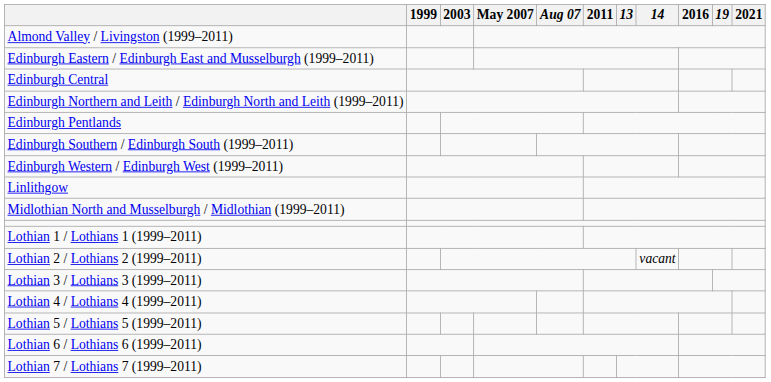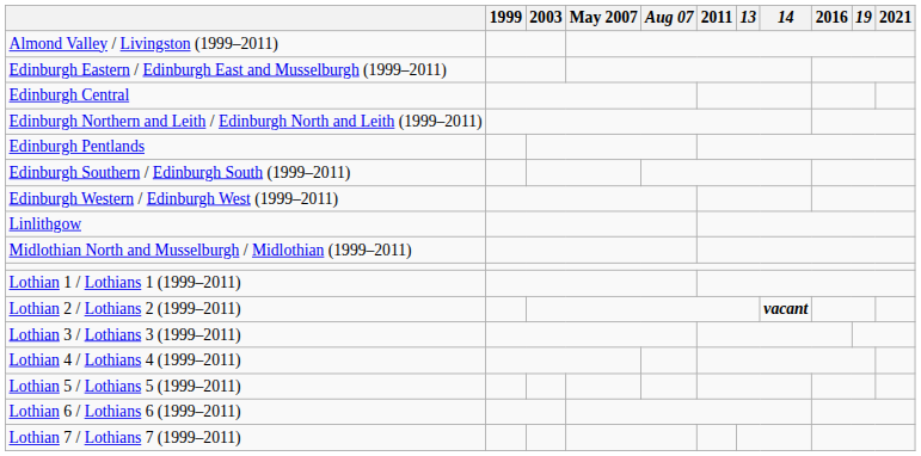 <table class="wikitable">
 <tr>
 <th></th>
 <th>1999</th>
 <th>2003</th>
 <th>May 2007</th>
 <th><em>Aug 07</em></th>
 <th>2011</th>
 <th><em>13</em></th>
 <th><em>14</em></th>
 <th>2016</th>
 <th><em>19</em></th>
 <th>2021</th>
 </tr>
 <tr>
 <td><a href='#'>Almond Valley</a> / <a href='#'>Livingston</a> (1999–2011)</td>
 <td colspan="2"><a href='#'></a></td>
 <td colspan="8"><a href='#'></a></td>
 </tr>
 <tr>
 <td><a href='#'>Edinburgh Eastern</a> / <a href='#'>Edinburgh East and Musselburgh</a> (1999–2011)</td>
 <td colspan="2"><a href='#'></a></td>
 <td colspan="5"><a href='#'></a></td>
 <td colspan="3"><a href='#'></a></td>
 </tr>
 <tr>
 <td><a href='#'>Edinburgh Central</a></td>
 <td colspan="4"><a href='#'></a></td>
 <td colspan="3"><a href='#'></a></td>
 <td colspan="2"><a href='#'></a></td>
 <td><a href='#'></a></td>
 </tr>
 <tr>
 <td><a href='#'>Edinburgh Northern and Leith</a> / <a href='#'>Edinburgh North and Leith</a> (1999–2011)</td>
 <td colspan="7"><a href='#'></a></td>
 <td colspan="3"><a href='#'></a></td>
 </tr>
 <tr>
 <td><a href='#'>Edinburgh Pentlands</a></td>
 <td><a href='#'></a></td>
 <td colspan="3"><a href='#'></a></td>
 <td colspan="6"><a href='#'></a></td>
 </tr>
 <tr>
 <td><a href='#'>Edinburgh Southern</a> / <a href='#'>Edinburgh South</a> (1999–2011)</td>
 <td><a href='#'></a></td>
 <td colspan="2"><a href='#'></a></td>
 <td colspan="4"><a href='#'></a></td>
 <td colspan="3"><a href='#'></a></td>
 </tr>
 <tr>
 <td><a href='#'>Edinburgh Western</a> / <a href='#'>Edinburgh West</a> (1999–2011)</td>
 <td colspan="4"><a href='#'></a></td>
 <td colspan="3"><a href='#'></a></td>
 <td colspan="3"><a href='#'></a></td>
 </tr>
 <tr>
 <td><a href='#'>Linlithgow</a></td>
 <td colspan="4"><a href='#'></a></td>
 <td colspan="6"><a href='#'></a></td>
 </tr>
 <tr>
 <td><a href='#'>Midlothian North and Musselburgh</a> / <a href='#'>Midlothian</a> (1999–2011)</td>
 <td colspan="4"><a href='#'></a></td>
 <td colspan="6"><a href='#'></a></td>
 </tr>
 <tr>
 <td></td>
 <td colspan="10"></td>
 </tr>
 <tr>
 <td><a href='#'>Lothian</a> 1 / <a href='#'>Lothians</a> 1 (1999–2011)</td>
 <td colspan="4"><a href='#'></a></td>
 <td colspan="6"><a href='#'></a></td>
 </tr>
 <tr>
 <td><a href='#'>Lothian</a> 2 / <a href='#'>Lothians</a> 2 (1999–2011)</td>
 <td><a href='#'></a></td>
 <td colspan="5"><a href='#'></a></td>
-<td><em>vacant</em></td>
+<td><strong><em>vacant</em></strong></td>
 <td colspan="2"><a href='#'></a></td>
 <td><a href='#'></a></td>
 </tr>
 <tr>
 <td><a href='#'>Lothian</a> 3 / <a href='#'>Lothians</a> 3 (1999–2011)</td>
 <td colspan="4"><a href='#'></a></td>
 <td colspan="4"><a href='#'></a></td>
 <td colspan="2"><a href='#'></a></td>
 </tr>
 <tr>
 <td><a href='#'>Lothian</a> 4 / <a href='#'>Lothians</a> 4 (1999–2011)</td>
 <td colspan="3"><a href='#'></a></td>
 <td><a href='#'></a></td>
 <td colspan="5"><a href='#'></a></td>
 <td><a href='#'></a></td>
 </tr>
 <tr>
 <td><a href='#'>Lothian</a> 5 / <a href='#'>Lothians</a> 5 (1999–2011)</td>
 <td><a href='#'></a></td>
 <td><a href='#'></a></td>
 <td><a href='#'></a></td>
 <td><a href='#'></a></td>
 <td colspan="3"><a href='#'></a></td>
 <td colspan="2"><a href='#'></a></td>
 <td><a href='#'></a></td>
 </tr>
 <tr>
 <td><a href='#'>Lothian</a> 6 / <a href='#'>Lothians</a> 6 (1999–2011)</td>
 <td colspan="2"><a href='#'></a></td>
 <td colspan="5"><a href='#'></a></td>
 <td colspan="3"><a href='#'></a></td>
 </tr>
 <tr>
 <td><a href='#'>Lothian</a> 7 / <a href='#'>Lothians</a> 7 (1999–2011)</td>
 <td><a href='#'></a></td>
 <td><a href='#'></a></td>
 <td colspan="2"><a href='#'></a></td>
 <td><a href='#'></a></td>
 <td colspan="2"><a href='#'></a></td>
 <td colspan="3"><a href='#'></a></td>
 </tr>
 </table>
